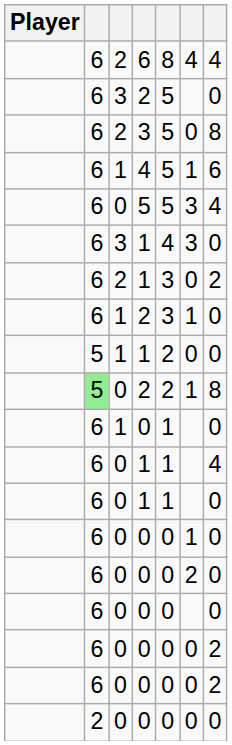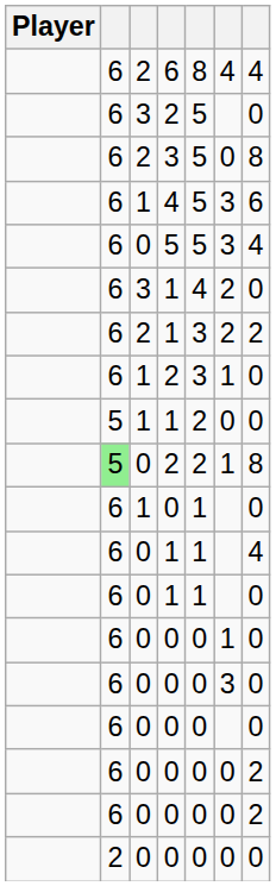 <table class="wikitable sortable" style="text-align:center;">
 <tr>
 <th>Player</th>
 <th></th>
 <th></th>
 <th></th>
 <th></th>
 <th data-sort-type="number"></th>
 <th></th>
 </tr>
 <tr>
 <td></td>
 <td>6</td>
 <td>2</td>
 <td>6</td>
 <td>8</td>
 <td>4</td>
 <td>4</td>
 </tr>
 <tr>
 <td></td>
 <td>6</td>
 <td>3</td>
 <td>2</td>
 <td>5</td>
 <td></td>
 <td>0</td>
 </tr>
 <tr>
 <td></td>
 <td>6</td>
 <td>2</td>
 <td>3</td>
 <td>5</td>
 <td>0</td>
 <td>8</td>
 </tr>
 <tr>
 <td></td>
 <td>6</td>
 <td>1</td>
 <td>4</td>
 <td>5</td>
-<td>1</td>
+<td>3</td>
 <td>6</td>
 </tr>
 <tr>
 <td></td>
 <td>6</td>
 <td>0</td>
 <td>5</td>
 <td>5</td>
 <td>3</td>
 <td>4</td>
 </tr>
 <tr>
 <td></td>
 <td>6</td>
 <td>3</td>
 <td>1</td>
 <td>4</td>
-<td>3</td>
+<td>2</td>
 <td>0</td>
 </tr>
 <tr>
 <td></td>
 <td>6</td>
 <td>2</td>
 <td>1</td>
 <td>3</td>
-<td>0</td>
+<td>2</td>
 <td>2</td>
 </tr>
 <tr>
 <td></td>
 <td>6</td>
 <td>1</td>
 <td>2</td>
 <td>3</td>
 <td>1</td>
 <td>0</td>
 </tr>
 <tr>
 <td></td>
 <td>5</td>
 <td>1</td>
 <td>1</td>
 <td>2</td>
 <td>0</td>
 <td>0</td>
 </tr>
 <tr>
 <td></td>
 <td style="background: lightgreen;">5</td>
 <td>0</td>
 <td>2</td>
 <td>2</td>
 <td>1</td>
 <td>8</td>
 </tr>
 <tr>
 <td></td>
 <td>6</td>
 <td>1</td>
 <td>0</td>
 <td>1</td>
 <td></td>
 <td>0</td>
 </tr>
 <tr>
 <td></td>
 <td>6</td>
 <td>0</td>
 <td>1</td>
 <td>1</td>
 <td></td>
 <td>4</td>
 </tr>
 <tr>
 <td></td>
 <td>6</td>
 <td>0</td>
 <td>1</td>
 <td>1</td>
 <td></td>
 <td>0</td>
 </tr>
 <tr>
 <td></td>
 <td>6</td>
 <td>0</td>
 <td>0</td>
 <td>0</td>
 <td>1</td>
 <td>0</td>
 </tr>
 <tr>
 <td></td>
 <td>6</td>
 <td>0</td>
 <td>0</td>
 <td>0</td>
-<td>2</td>
+<td>3</td>
 <td>0</td>
 </tr>
 <tr>
 <td></td>
 <td>6</td>
 <td>0</td>
 <td>0</td>
 <td>0</td>
 <td></td>
 <td>0</td>
 </tr>
 <tr>
 <td></td>
 <td>6</td>
 <td>0</td>
 <td>0</td>
 <td>0</td>
 <td>0</td>
 <td>2</td>
 </tr>
 <tr>
 <td></td>
 <td>6</td>
 <td>0</td>
 <td>0</td>
 <td>0</td>
 <td>0</td>
 <td>2</td>
 </tr>
 <tr>
 <td></td>
 <td>2</td>
 <td>0</td>
 <td>0</td>
 <td>0</td>
 <td>0</td>
 <td>0</td>
 </tr>
 </table>
